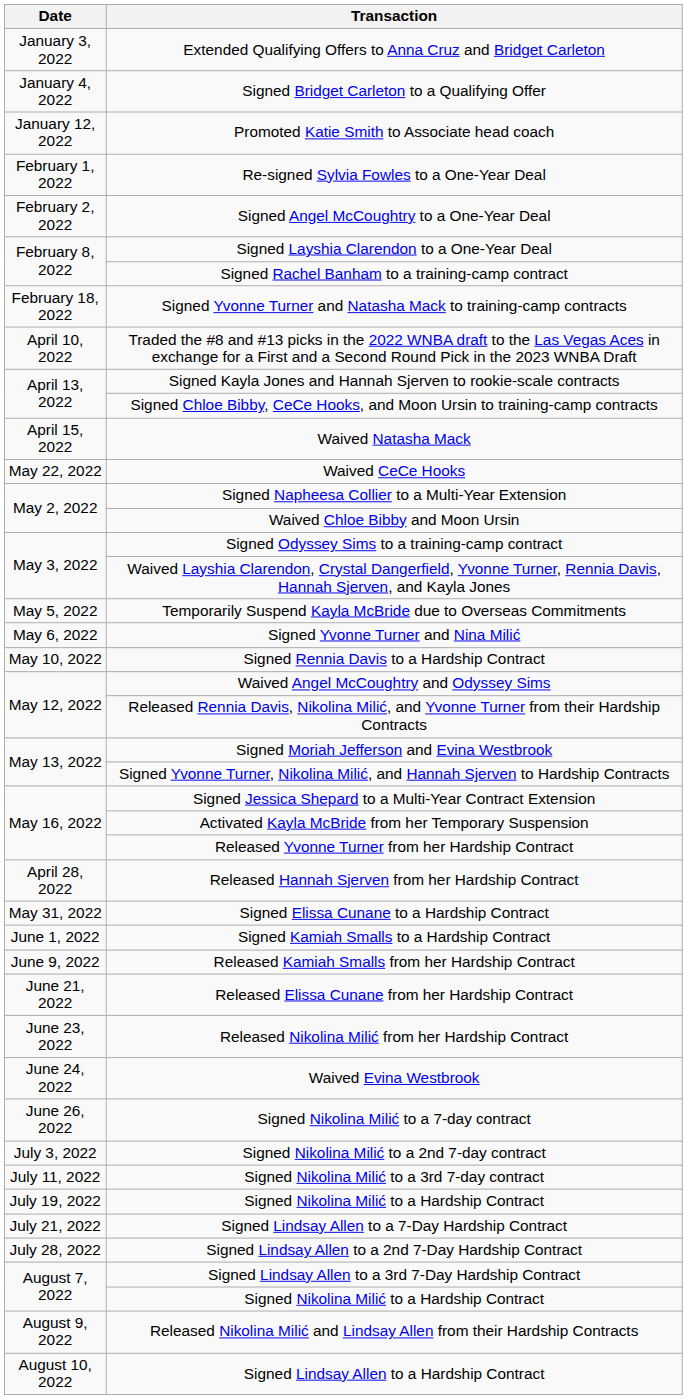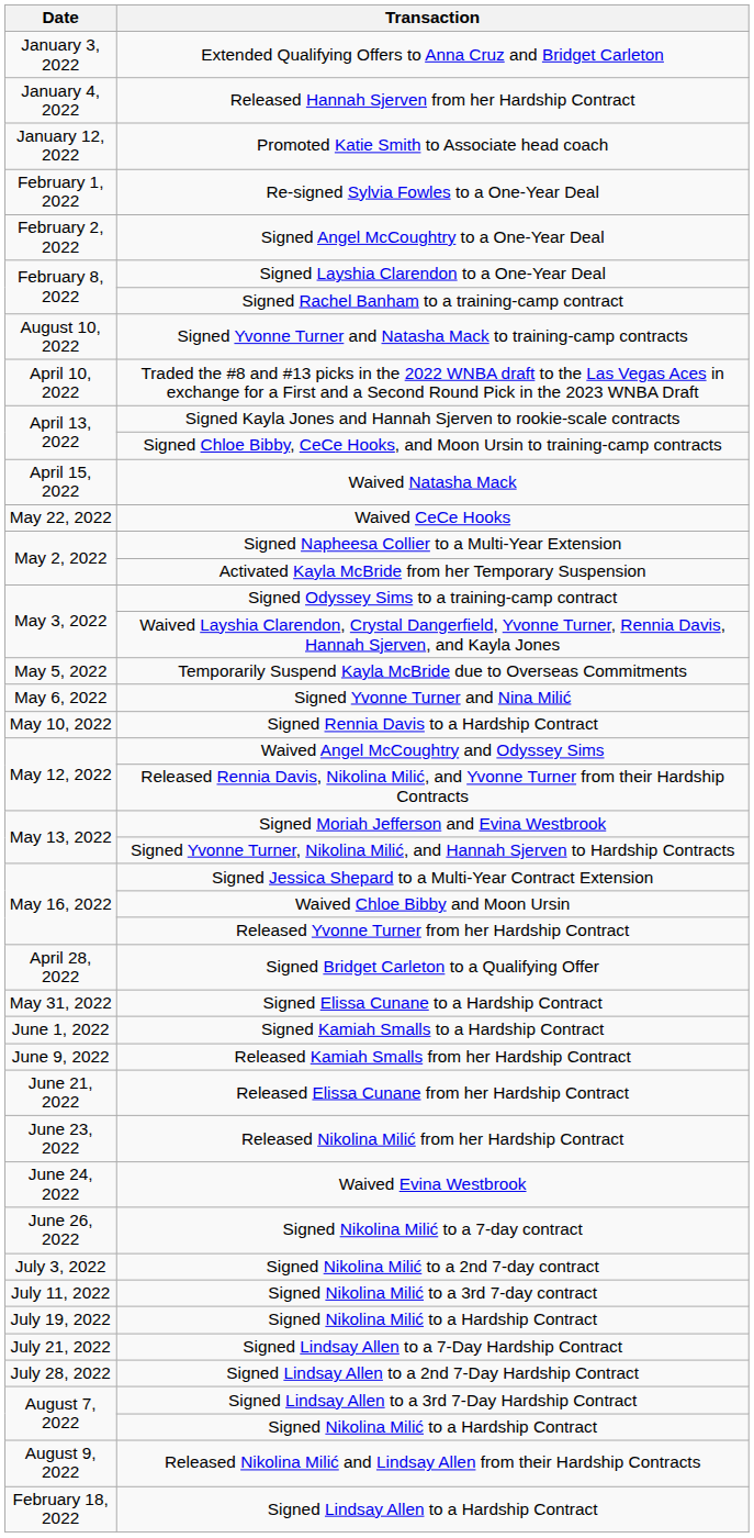 <table class="wikitable" style="width:80%; text-align: center">
 <tr>
 <th>Date</th>
 <th>Transaction</th>
 </tr>
 <tr>
 <td>January 3, 2022</td>
 <td>Extended Qualifying Offers to <a href='#'>Anna Cruz</a> and <a href='#'>Bridget Carleton</a></td>
 </tr>
 <tr>
 <td>January 4, 2022</td>
-<td>Signed <a href='#'>Bridget Carleton</a> to a Qualifying Offer</td>
+<td>Released <a href='#'>Hannah Sjerven</a> from her Hardship Contract</td>
 </tr>
 <tr>
 <td>January 12, 2022</td>
 <td>Promoted <a href='#'>Katie Smith</a> to Associate head coach</td>
 </tr>
 <tr>
 <td>February 1, 2022</td>
 <td>Re-signed <a href='#'>Sylvia Fowles</a> to a One-Year Deal</td>
 </tr>
 <tr>
 <td>February 2, 2022</td>
 <td>Signed <a href='#'>Angel McCoughtry</a> to a One-Year Deal</td>
 </tr>
 <tr>
 <td rowspan=2>February 8, 2022</td>
 <td>Signed <a href='#'>Layshia Clarendon</a> to a One-Year Deal</td>
 </tr>
 <tr>
 <td>Signed <a href='#'>Rachel Banham</a> to a training-camp contract</td>
 </tr>
 <tr>
-<td>February 18, 2022</td>
+<td>August 10, 2022</td>
 <td>Signed <a href='#'>Yvonne Turner</a> and <a href='#'>Natasha Mack</a> to training-camp contracts</td>
 </tr>
 <tr>
 <td>April 10, 2022</td>
 <td>Traded the #8 and #13 picks in the <a href='#'>2022 WNBA draft</a> to the <a href='#'>Las Vegas Aces</a> in exchange for a First and a Second Round Pick in the 2023 WNBA Draft</td>
 </tr>
 <tr>
 <td rowspan=2>April 13, 2022</td>
 <td>Signed Kayla Jones and Hannah Sjerven to rookie-scale contracts</td>
 </tr>
 <tr>
 <td>Signed <a href='#'>Chloe Bibby</a>, <a href='#'>CeCe Hooks</a>, and Moon Ursin to training-camp contracts</td>
 </tr>
 <tr>
 <td>April 15, 2022</td>
 <td>Waived <a href='#'>Natasha Mack</a></td>
 </tr>
 <tr>
 <td>May 22, 2022</td>
 <td>Waived <a href='#'>CeCe Hooks</a></td>
 </tr>
 <tr>
 <td rowspan=2>May 2, 2022</td>
 <td>Signed <a href='#'>Napheesa Collier</a> to a Multi-Year Extension</td>
 </tr>
 <tr>
-<td>Waived <a href='#'>Chloe Bibby</a> and Moon Ursin</td>
+<td>Activated <a href='#'>Kayla McBride</a> from her Temporary Suspension</td>
 </tr>
 <tr>
 <td rowspan=2>May 3, 2022</td>
 <td>Signed <a href='#'>Odyssey Sims</a> to a training-camp contract</td>
 </tr>
 <tr>
 <td>Waived <a href='#'>Layshia Clarendon</a>, <a href='#'>Crystal Dangerfield</a>, <a href='#'>Yvonne Turner</a>, <a href='#'>Rennia Davis</a>, <a href='#'>Hannah Sjerven</a>, and Kayla Jones</td>
 </tr>
 <tr>
 <td>May 5, 2022</td>
 <td>Temporarily Suspend <a href='#'>Kayla McBride</a> due to Overseas Commitments</td>
 </tr>
 <tr>
 <td>May 6, 2022</td>
 <td>Signed <a href='#'>Yvonne Turner</a> and <a href='#'>Nina Milić</a></td>
 </tr>
 <tr>
 <td>May 10, 2022</td>
 <td>Signed <a href='#'>Rennia Davis</a> to a Hardship Contract</td>
 </tr>
 <tr>
 <td rowspan=2>May 12, 2022</td>
 <td>Waived <a href='#'>Angel McCoughtry</a> and <a href='#'>Odyssey Sims</a></td>
 </tr>
 <tr>
 <td>Released <a href='#'>Rennia Davis</a>, <a href='#'>Nikolina Milić</a>, and <a href='#'>Yvonne Turner</a> from their Hardship Contracts</td>
 </tr>
 <tr>
 <td rowspan=2>May 13, 2022</td>
 <td>Signed <a href='#'>Moriah Jefferson</a> and <a href='#'>Evina Westbrook</a></td>
 </tr>
 <tr>
 <td>Signed <a href='#'>Yvonne Turner</a>, <a href='#'>Nikolina Milić</a>, and <a href='#'>Hannah Sjerven</a> to Hardship Contracts</td>
 </tr>
 <tr>
 <td rowspan=3>May 16, 2022</td>
 <td>Signed <a href='#'>Jessica Shepard</a> to a Multi-Year Contract Extension</td>
 </tr>
 <tr>
-<td>Activated <a href='#'>Kayla McBride</a> from her Temporary Suspension</td>
+<td>Waived <a href='#'>Chloe Bibby</a> and Moon Ursin</td>
 </tr>
 <tr>
 <td>Released <a href='#'>Yvonne Turner</a> from her Hardship Contract</td>
 </tr>
 <tr>
 <td>April 28, 2022</td>
-<td>Released <a href='#'>Hannah Sjerven</a> from her Hardship Contract</td>
+<td>Signed <a href='#'>Bridget Carleton</a> to a Qualifying Offer</td>
 </tr>
 <tr>
 <td>May 31, 2022</td>
 <td>Signed <a href='#'>Elissa Cunane</a> to a Hardship Contract</td>
 </tr>
 <tr>
 <td>June 1, 2022</td>
 <td>Signed <a href='#'>Kamiah Smalls</a> to a Hardship Contract</td>
 </tr>
 <tr>
 <td>June 9, 2022</td>
 <td>Released <a href='#'>Kamiah Smalls</a> from her Hardship Contract</td>
 </tr>
 <tr>
 <td>June 21, 2022</td>
 <td>Released <a href='#'>Elissa Cunane</a> from her Hardship Contract</td>
 </tr>
 <tr>
 <td>June 23, 2022</td>
 <td>Released <a href='#'>Nikolina Milić</a> from her Hardship Contract</td>
 </tr>
 <tr>
 <td>June 24, 2022</td>
 <td>Waived <a href='#'>Evina Westbrook</a></td>
 </tr>
 <tr>
 <td>June 26, 2022</td>
 <td>Signed <a href='#'>Nikolina Milić</a> to a 7-day contract</td>
 </tr>
 <tr>
 <td>July 3, 2022</td>
 <td>Signed <a href='#'>Nikolina Milić</a> to a 2nd 7-day contract</td>
 </tr>
 <tr>
 <td>July 11, 2022</td>
 <td>Signed <a href='#'>Nikolina Milić</a> to a 3rd 7-day contract</td>
 </tr>
 <tr>
 <td>July 19, 2022</td>
 <td>Signed <a href='#'>Nikolina Milić</a> to a Hardship Contract</td>
 </tr>
 <tr>
 <td>July 21, 2022</td>
 <td>Signed <a href='#'>Lindsay Allen</a> to a 7-Day Hardship Contract</td>
 </tr>
 <tr>
 <td>July 28, 2022</td>
 <td>Signed <a href='#'>Lindsay Allen</a> to a 2nd 7-Day Hardship Contract</td>
 </tr>
 <tr>
 <td rowspan=2>August 7, 2022</td>
 <td>Signed <a href='#'>Lindsay Allen</a> to a 3rd 7-Day Hardship Contract</td>
 </tr>
 <tr>
 <td>Signed <a href='#'>Nikolina Milić</a> to a Hardship Contract</td>
 </tr>
 <tr>
 <td>August 9, 2022</td>
 <td>Released <a href='#'>Nikolina Milić</a> and <a href='#'>Lindsay Allen</a> from their Hardship Contracts</td>
 </tr>
 <tr>
-<td>August 10, 2022</td>
+<td>February 18, 2022</td>
 <td>Signed <a href='#'>Lindsay Allen</a> to a Hardship Contract</td>
 </tr>
 </table>
